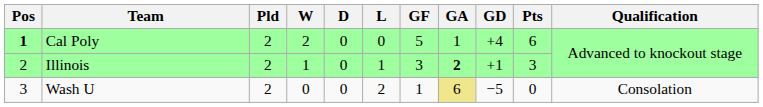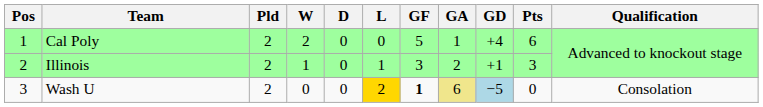 <table class="wikitable" style="text-align:center; margin: 1em auto">
 <tr>
 <th style="width:2em">Pos</th>
 <th style="width:13em">Team</th>
 <th style="width:2em">Pld</th>
 <th style="width:2em">W</th>
 <th style="width:2em">D</th>
 <th style="width:2em">L</th>
 <th style="width:2em">GF</th>
 <th style="width:2em">GA</th>
 <th style="width:2em">GD</th>
 <th style="width:2em">Pts</th>
 <th style="width:13em">Qualification</th>
 </tr>
 <tr bgcolor="#9eff9e">
-<td><strong>1</strong></td>
+<td>1</td>
 <td style="text-align:left">Cal Poly</td>
 <td>2</td>
 <td>2</td>
 <td>0</td>
 <td>0</td>
 <td>5</td>
 <td>1</td>
 <td>+4</td>
 <td>6</td>
 <td rowspan="2">Advanced to knockout stage</td>
 </tr>
 <tr bgcolor="#9eff9e">
 <td>2</td>
 <td style="text-align:left">Illinois</td>
 <td>2</td>
 <td>1</td>
 <td>0</td>
 <td>1</td>
 <td>3</td>
-<td><strong>2</strong></td>
+<td>2</td>
 <td>+1</td>
 <td>3</td>
 </tr>
 <tr>
 <td>3</td>
 <td style="text-align:left">Wash U</td>
 <td>2</td>
 <td>0</td>
 <td>0</td>
-<td>2</td>
-<td>1</td>
+<td style="background: gold;">2</td>
+<td><strong>1</strong></td>
 <td style="background: khaki;">6</td>
-<td>−5</td>
+<td style="background: lightblue;">−5</td>
 <td>0</td>
 <td>Consolation</td>
 </tr>
 </table>
